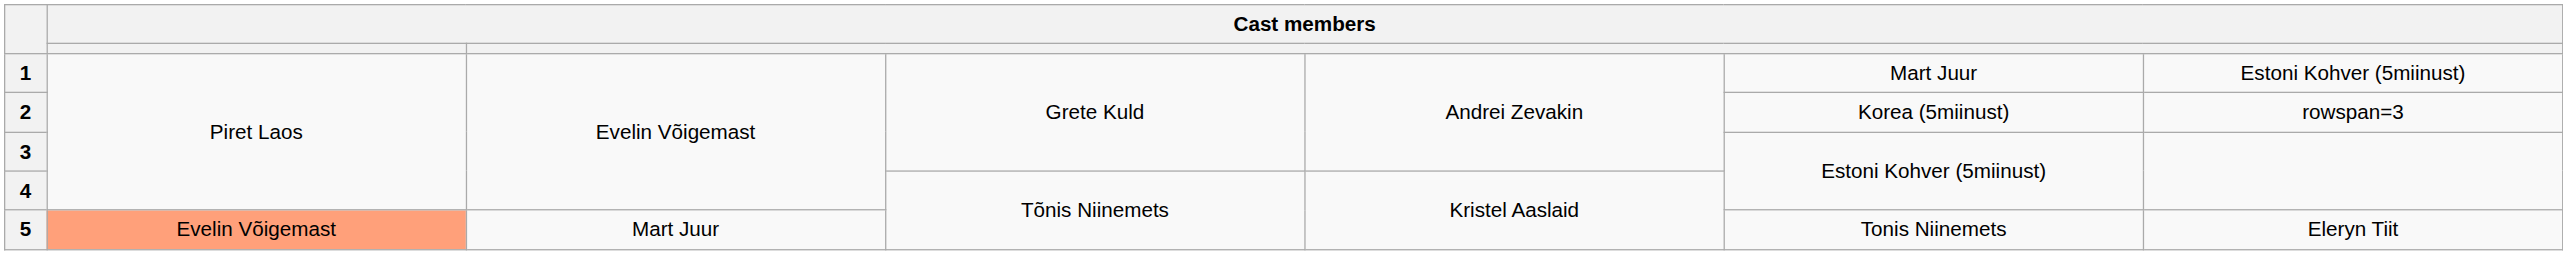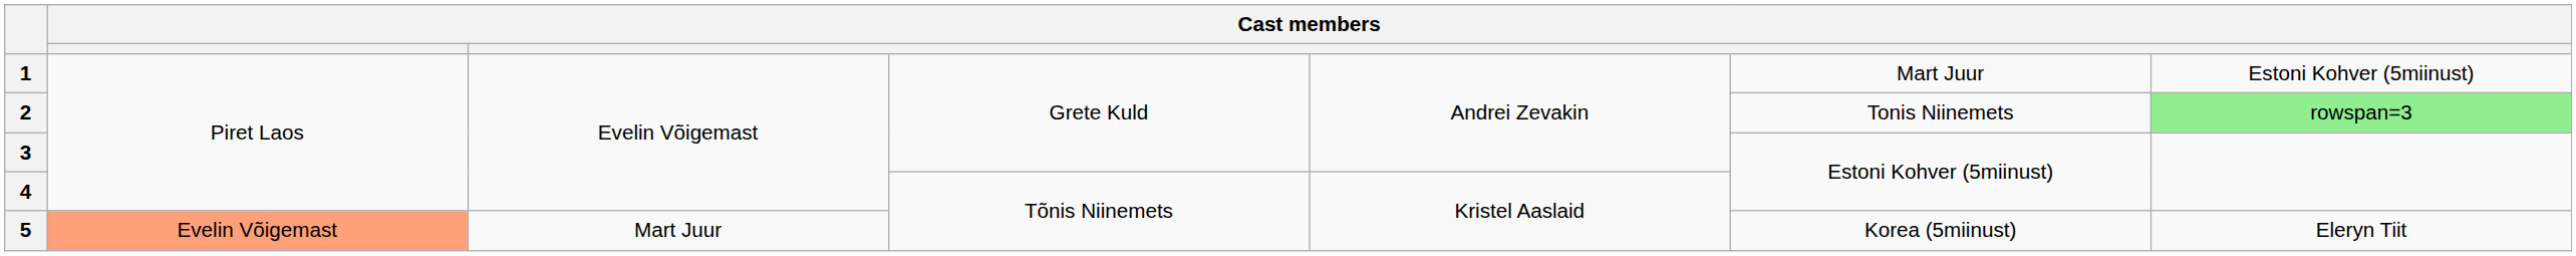 <table class="wikitable plainrowheaders" style="width:100%; text-align:center; line-height:23px;">
 <tr>
 <th rowspan=2 width=1%></th>
 <th colspan=6>Cast members </th>
 </tr>
 <tr>
 <th></th>
 <th colspan=5></th>
 </tr>
 <tr>
 <th>1</th>
 <td rowspan=4 width=10%>Piret Laos</td>
 <td rowspan=4 width=10%>Evelin Võigemast</td>
 <td rowspan=3 width=10%>Grete Kuld</td>
 <td rowspan=3 width=10%>Andrei Zevakin</td>
 <td width=10%>Mart Juur</td>
 <td width=10%>Estoni Kohver (5miinust)</td>
 </tr>
 <tr>
 <th>2</th>
-<td>Korea (5miinust)</td>
-<td>rowspan=3 </td>
+<td>Tonis Niinemets</td>
+<td style="background: lightgreen;">rowspan=3 </td>
 </tr>
 <tr>
 <th>3</th>
 <td rowspan=2>Estoni Kohver (5miinust)</td>
 </tr>
 <tr>
 <th>4</th>
 <td rowspan=2>Tõnis Niinemets</td>
 <td rowspan=2>Kristel Aaslaid</td>
 </tr>
 <tr>
 <th>5</th>
 <td style="background: lightsalmon;">Evelin Võigemast</td>
 <td>Mart Juur</td>
-<td>Tonis Niinemets</td>
+<td>Korea (5miinust)</td>
 <td>Eleryn Tiit</td>
 </tr>
 </table>
